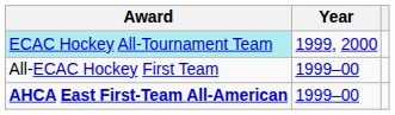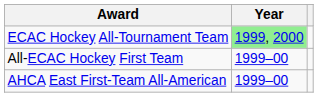 <table class="wikitable">
 <tr>
 <th>Award</th>
 <th>Year</th>
 <th></th>
 </tr>
 <tr>
-<td style="background: paleturquoise;"><a href='#'>ECAC Hockey</a> <a href='#'>All-Tournament Team</a></td>
-<td><a href='#'>1999</a>, <a href='#'>2000</a></td>
+<td><a href='#'>ECAC Hockey</a> <a href='#'>All-Tournament Team</a></td>
+<td style="background: lightgreen;"><a href='#'>1999</a>, <a href='#'>2000</a></td>
 <td></td>
 </tr>
 <tr>
 <td>All-<a href='#'>ECAC Hockey</a> <a href='#'>First Team</a></td>
 <td><a href='#'>1999–00</a></td>
 <td></td>
 </tr>
 <tr>
-<td><strong><a href='#'>AHCA</a> <a href='#'>East First-Team All-American</a></strong></td>
+<td><a href='#'>AHCA</a> <a href='#'>East First-Team All-American</a></td>
 <td><a href='#'>1999–00</a></td>
 <td></td>
 </tr>
 </table>
